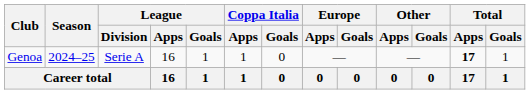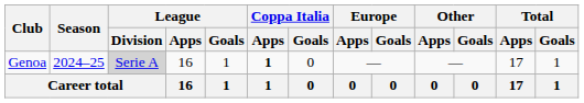 <table class="wikitable" style="text-align:center">
 <tr>
 <th rowspan="2">Club</th>
 <th rowspan="2">Season</th>
 <th colspan="3">League</th>
 <th colspan="2"><a href='#'>Coppa Italia</a></th>
 <th colspan="2">Europe</th>
 <th colspan="2">Other</th>
 <th colspan="2">Total</th>
 </tr>
 <tr>
 <th>Division</th>
 <th>Apps</th>
 <th>Goals</th>
 <th>Apps</th>
 <th>Goals</th>
 <th>Apps</th>
 <th>Goals</th>
 <th>Apps</th>
 <th>Goals</th>
 <th>Apps</th>
 <th>Goals</th>
 </tr>
 <tr>
 <td><a href='#'>Genoa</a></td>
 <td><a href='#'>2024–25</a></td>
-<td><a href='#'>Serie A</a></td>
+<td style="background: lightgrey;"><a href='#'>Serie A</a></td>
 <td>16</td>
 <td>1</td>
-<td>1</td>
+<td><strong>1</strong></td>
 <td>0</td>
 <td colspan="2">—</td>
 <td colspan="2">—</td>
-<td><strong>17</strong></td>
+<td>17</td>
 <td>1</td>
 </tr>
 <tr>
 <th colspan="3">Career total</th>
 <th>16</th>
 <th>1</th>
 <th>1</th>
 <th>0</th>
 <th>0</th>
 <th>0</th>
 <th>0</th>
 <th>0</th>
 <th>17</th>
 <th>1</th>
 </tr>
 </table>
